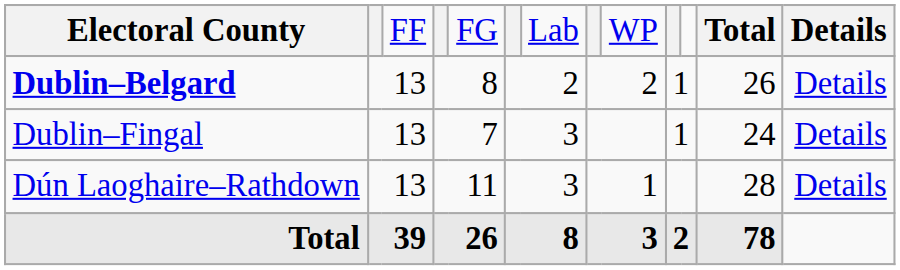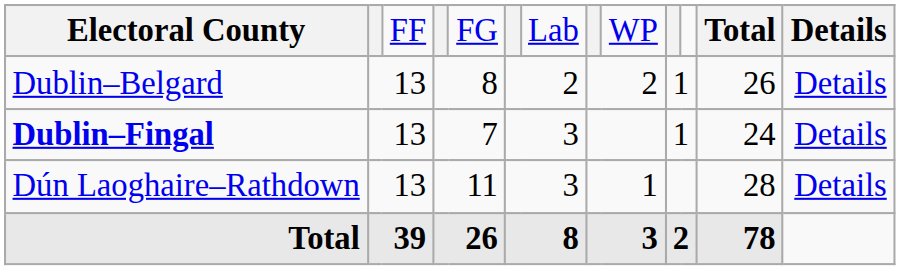 <table class="wikitable" style="text-align:right; padding-left:1em">
 <tr>
 <th align="left">Electoral County</th>
 <th style="background-color: "></th>
 <td><a href='#'>FF</a></td>
 <th style="background-color: "></th>
 <td><a href='#'>FG</a></td>
 <th style="background-color: "></th>
 <td><a href='#'>Lab</a></td>
 <th style="background-color: "></th>
 <td><a href='#'>WP</a></td>
 <th style="background-color: "></th>
 <td><a href='#'></a></td>
 <th align="left">Total</th>
 <th align="left">Details</th>
 </tr>
 <tr>
-<td align="left"><strong><a href='#'>Dublin–Belgard</a></strong></td>
+<td align="left"><a href='#'>Dublin–Belgard</a></td>
 <td colspan="2">13</td>
 <td colspan="2">8</td>
 <td colspan="2">2</td>
 <td colspan="2">2</td>
 <td colspan="2">1</td>
 <td>26</td>
 <td><a href='#'>Details</a></td>
 </tr>
 <tr>
-<td align="left"><a href='#'>Dublin–Fingal</a></td>
+<td align="left"><strong><a href='#'>Dublin–Fingal</a></strong></td>
 <td colspan="2">13</td>
 <td colspan="2">7</td>
 <td colspan="2">3</td>
 <td colspan="2"></td>
 <td colspan="2">1</td>
 <td>24</td>
 <td><a href='#'>Details</a></td>
 </tr>
 <tr>
 <td align="left"><a href='#'>Dún Laoghaire–Rathdown</a></td>
 <td colspan="2">13</td>
 <td colspan="2">11</td>
 <td colspan="2">3</td>
 <td colspan="2">1</td>
 <td colspan="2"></td>
 <td>28</td>
 <td><a href='#'>Details</a></td>
 </tr>
 <tr style="font-weight:bold; background:rgb(232,232,232);">
 <td>Total</td>
 <td colspan="2">39</td>
 <td colspan="2">26</td>
 <td colspan="2">8</td>
 <td colspan="2">3</td>
 <td colspan="2">2</td>
 <td>78</td>
 </tr>
 </table>
